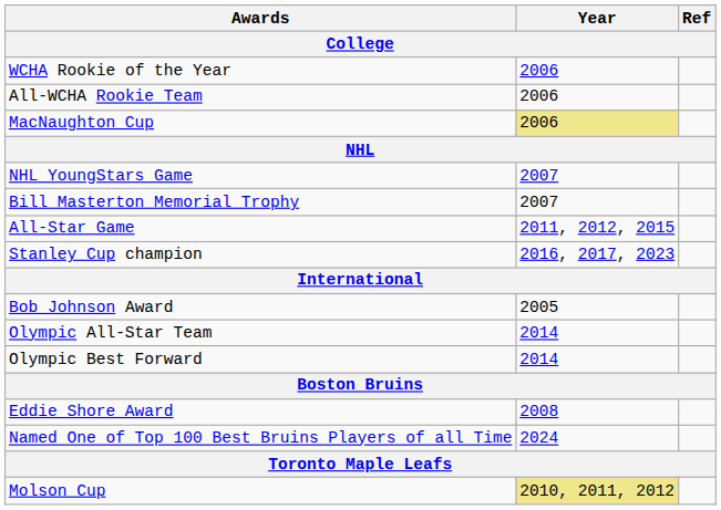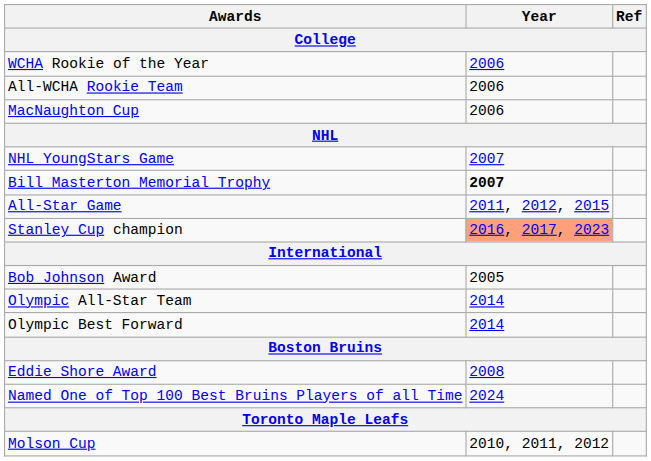 <table class="wikitable">
 <tr>
 <th>Awards</th>
 <th>Year</th>
 <th>Ref</th>
 </tr>
 <tr>
 <th colspan="3"><a href='#'>College</a></th>
 </tr>
 <tr>
 <td><a href='#'>WCHA</a> Rookie of the Year</td>
 <td><a href='#'>2006</a></td>
 <td></td>
 </tr>
 <tr>
 <td>All-WCHA <a href='#'>Rookie Team</a></td>
 <td>2006</td>
 <td></td>
 </tr>
 <tr>
 <td><a href='#'>MacNaughton Cup</a></td>
-<td style="background: khaki;">2006</td>
+<td>2006</td>
 <td></td>
 </tr>
 <tr>
 <th colspan="3"><a href='#'>NHL</a></th>
 </tr>
 <tr>
 <td><a href='#'>NHL YoungStars Game</a></td>
 <td><a href='#'>2007</a></td>
 <td></td>
 </tr>
 <tr>
 <td><a href='#'>Bill Masterton Memorial Trophy</a></td>
-<td>2007</td>
+<td><strong>2007</strong></td>
 <td></td>
 </tr>
 <tr>
 <td><a href='#'>All-Star Game</a></td>
 <td><a href='#'>2011</a>, <a href='#'>2012</a>, <a href='#'>2015</a></td>
 <td></td>
 </tr>
 <tr>
 <td><a href='#'>Stanley Cup</a> champion</td>
-<td><a href='#'>2016</a>, <a href='#'>2017</a>, <a href='#'>2023</a></td>
+<td style="background: lightsalmon;"><a href='#'>2016</a>, <a href='#'>2017</a>, <a href='#'>2023</a></td>
 <td></td>
 </tr>
 <tr>
 <th colspan="3"><a href='#'>International</a></th>
 </tr>
 <tr>
 <td><a href='#'>Bob Johnson</a> Award</td>
 <td>2005</td>
 <td></td>
 </tr>
 <tr>
 <td><a href='#'>Olympic</a> All-Star Team</td>
 <td><a href='#'>2014</a></td>
 <td></td>
 </tr>
 <tr>
 <td>Olympic Best Forward</td>
 <td><a href='#'>2014</a></td>
 <td></td>
 </tr>
 <tr>
 <th colspan="3"><a href='#'>Boston Bruins</a></th>
 </tr>
 <tr>
 <td><a href='#'>Eddie Shore Award</a></td>
 <td><a href='#'>2008</a></td>
 <td></td>
 </tr>
 <tr>
 <td><a href='#'>Named One of Top 100 Best Bruins Players of all Time</a></td>
 <td><a href='#'>2024</a></td>
 <td></td>
 </tr>
 <tr>
 <th colspan="3"><a href='#'>Toronto Maple Leafs</a></th>
 </tr>
 <tr>
 <td><a href='#'>Molson Cup</a></td>
-<td style="background: khaki;">2010, 2011, 2012</td>
+<td>2010, 2011, 2012</td>
 <td></td>
 </tr>
 </table>
